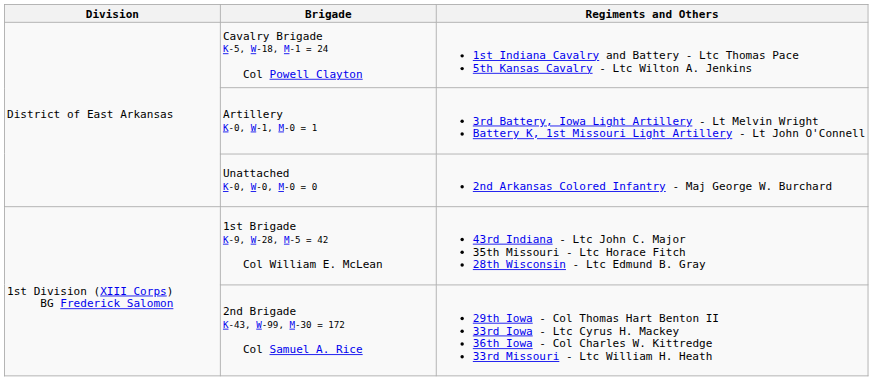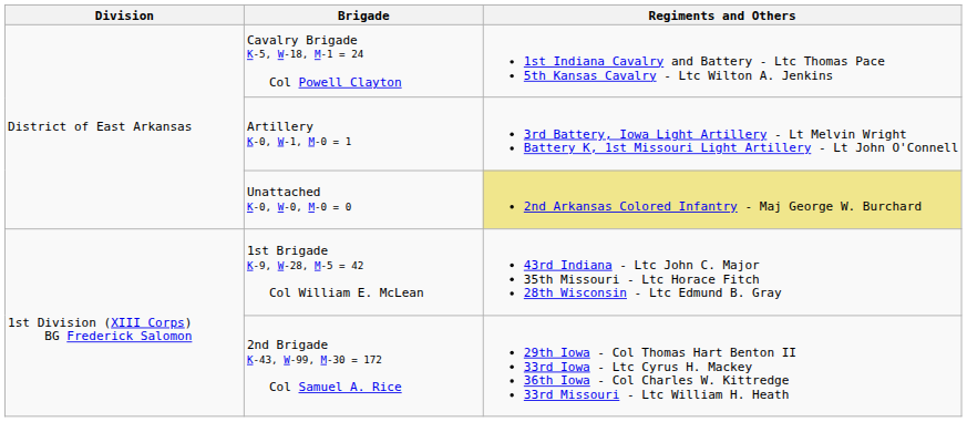 <table class="wikitable">
 <tr>
 <th width=25%>Division</th>
 <th width=25%>Brigade</th>
 <th>Regiments and Others</th>
 </tr>
 <tr>
 <td rowspan=3><br>District of East Arkansas <br>    </td>
 <td>Cavalry Brigade<br><small><a href='#'>K</a>-5, <a href='#'>W</a>-18, <a href='#'>M</a>-1 = 24</small><br><br>   Col <a href='#'>Powell Clayton</a></td>
 <td><br><ul><li><a href='#'>1st Indiana Cavalry</a> and Battery - Ltc Thomas Pace</li><li><a href='#'>5th Kansas Cavalry</a> - Ltc Wilton A. Jenkins</li></ul></td>
 </tr>
 <tr>
 <td>Artillery<br><small><a href='#'>K</a>-0, <a href='#'>W</a>-1, <a href='#'>M</a>-0 = 1</small></td>
 <td><br><ul><li><a href='#'>3rd Battery, Iowa Light Artillery</a> - Lt Melvin Wright</li><li><a href='#'>Battery K, 1st Missouri Light Artillery</a> - Lt John O'Connell</li></ul></td>
 </tr>
 <tr>
 <td>Unattached<br><small><a href='#'>K</a>-0, <a href='#'>W</a>-0, <a href='#'>M</a>-0 = 0</small></td>
-<td><br><ul><li><a href='#'>2nd Arkansas Colored Infantry</a> - Maj George W. Burchard</li></ul></td>
+<td style="background: khaki;"><br><ul><li><a href='#'>2nd Arkansas Colored Infantry</a> - Maj George W. Burchard</li></ul></td>
 </tr>
 <tr>
 <td rowspan=2><br>1st Division (<a href='#'>XIII Corps</a>) <br>     BG <a href='#'>Frederick Salomon</a></td>
 <td>1st Brigade<br><small><a href='#'>K</a>-9, <a href='#'>W</a>-28, <a href='#'>M</a>-5 = 42</small><br><br>   Col William E. McLean</td>
 <td><br><ul><li><a href='#'>43rd Indiana</a> - Ltc John C. Major</li><li>35th Missouri - Ltc Horace Fitch</li><li><a href='#'>28th Wisconsin</a> - Ltc Edmund B. Gray</li></ul></td>
 </tr>
 <tr>
 <td>2nd Brigade<br><small><a href='#'>K</a>-43, <a href='#'>W</a>-99, <a href='#'>M</a>-30 = 172</small><br><br>   Col <a href='#'>Samuel A. Rice</a></td>
 <td><br><ul><li><a href='#'>29th Iowa</a> - Col Thomas Hart Benton II</li><li><a href='#'>33rd Iowa</a> - Ltc Cyrus H. Mackey</li><li><a href='#'>36th Iowa</a> - Col Charles W. Kittredge</li><li><a href='#'>33rd Missouri</a> - Ltc William H. Heath</li></ul></td>
 </tr>
 </table>
